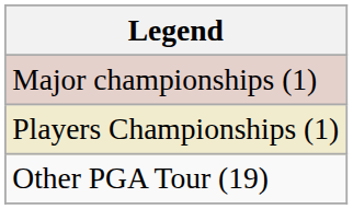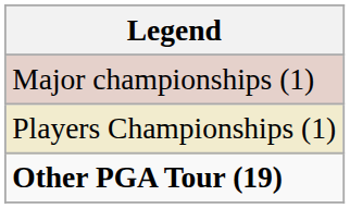 <table class="wikitable" style="font-size:95%;">
 <tr>
 <th>Legend</th>
 </tr>
 <tr style="background:#e5d1cb;">
 <td>Major championships (1)</td>
 </tr>
 <tr style="background:#f2ecce;">
 <td>Players Championships (1)</td>
 </tr>
 <tr>
-<td>Other PGA Tour (19)</td>
+<td><strong>Other PGA Tour (19)</strong></td>
 </tr>
 </table>
